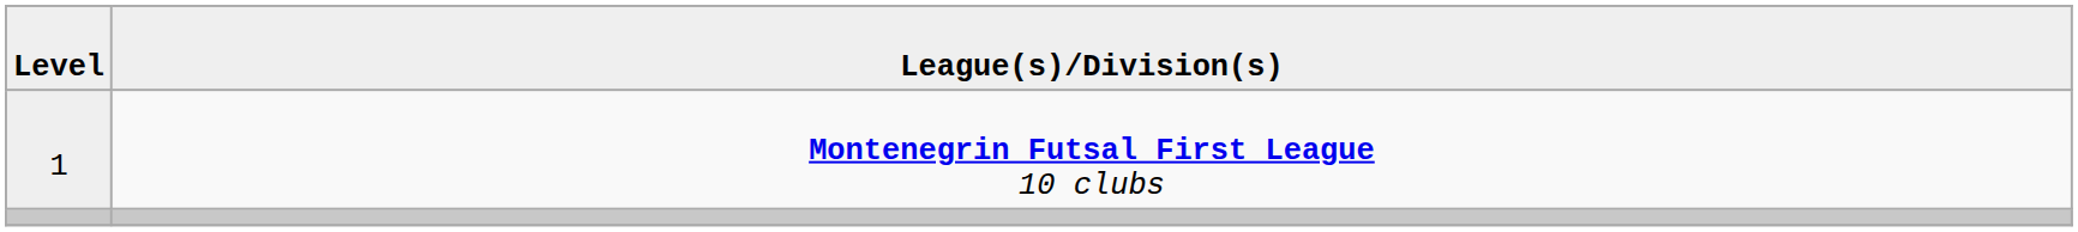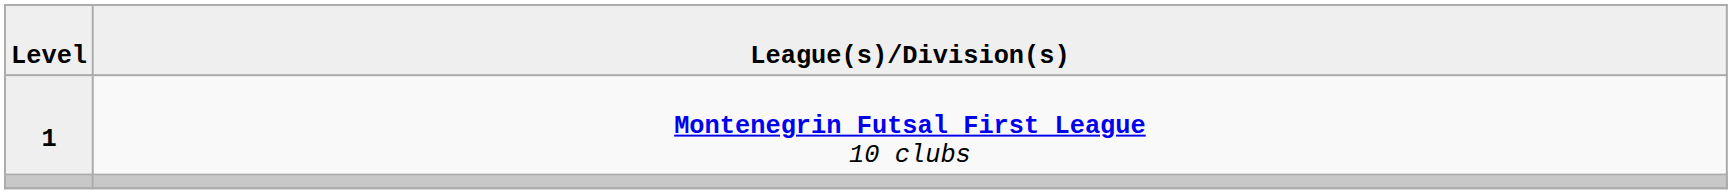 <table class="wikitable" style="text-align:center; width:100%;">
 <tr style="background:#efefef;">
 <td style="width:4%; text-align:center;"><br><strong>Level</strong></td>
 <td colspan="12"  style="width:96%; text-align:center;"><br><strong>League(s)/Division(s)</strong></td>
 </tr>
 <tr>
-<td style="text-align:center; width:4%; background:#efefef;"><br>1</td>
+<td style="text-align:center; width:4%; background:#efefef;"><strong><br>1</strong></td>
 <td colspan="12"  style="width:96%; text-align:center;"><br><strong><a href='#'>Montenegrin Futsal First League</a></strong><br> <em>10 clubs</em><br></td>
 </tr>
 <tr style="background:#c8c8c8">
 <td style="width:4%;"></td>
 <td></td>
 </tr>
 <tr>
 </tr>
 </table>
